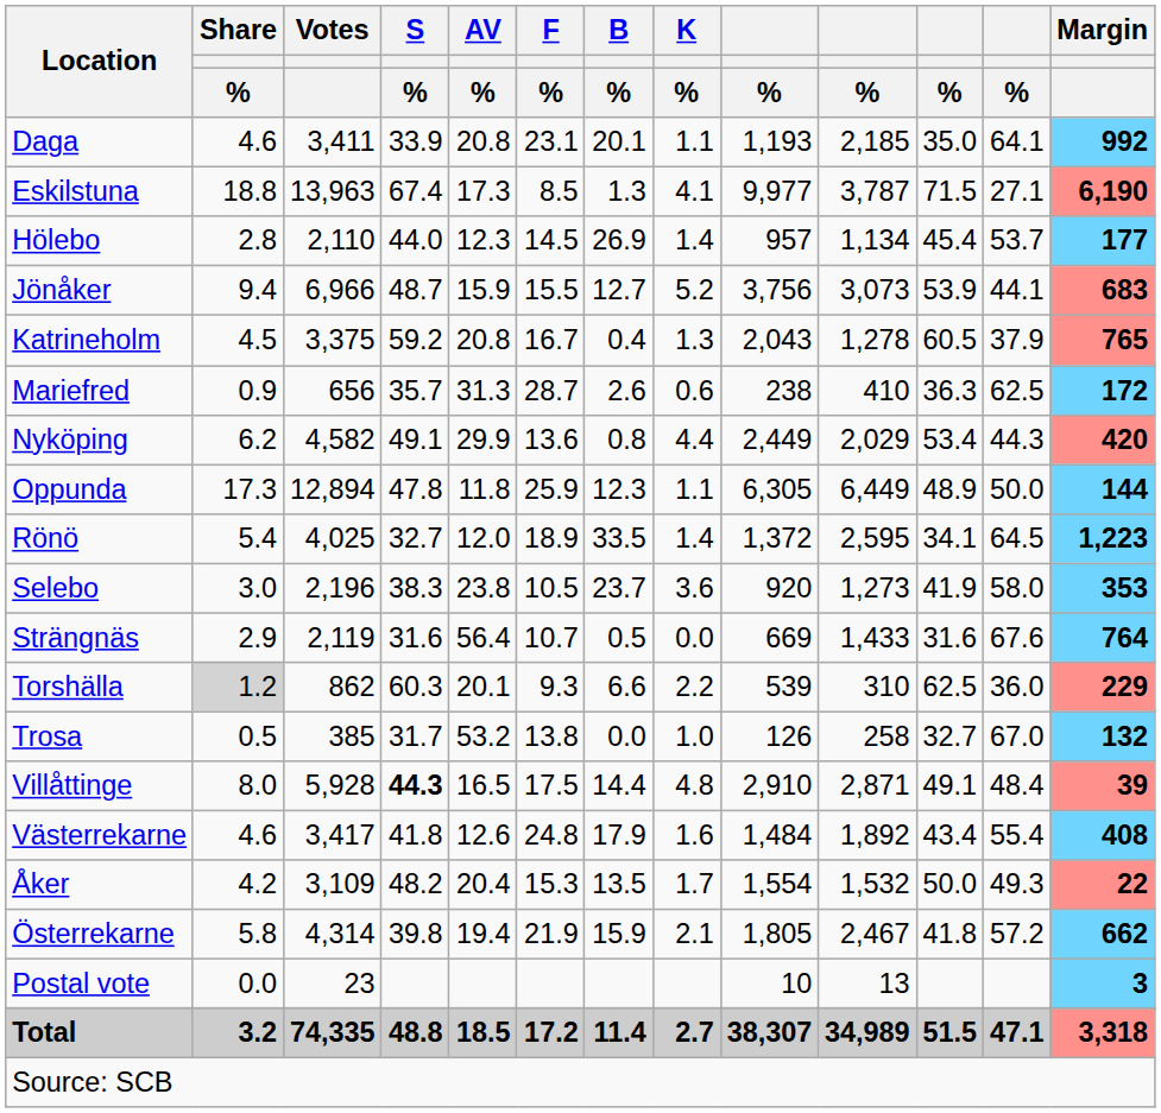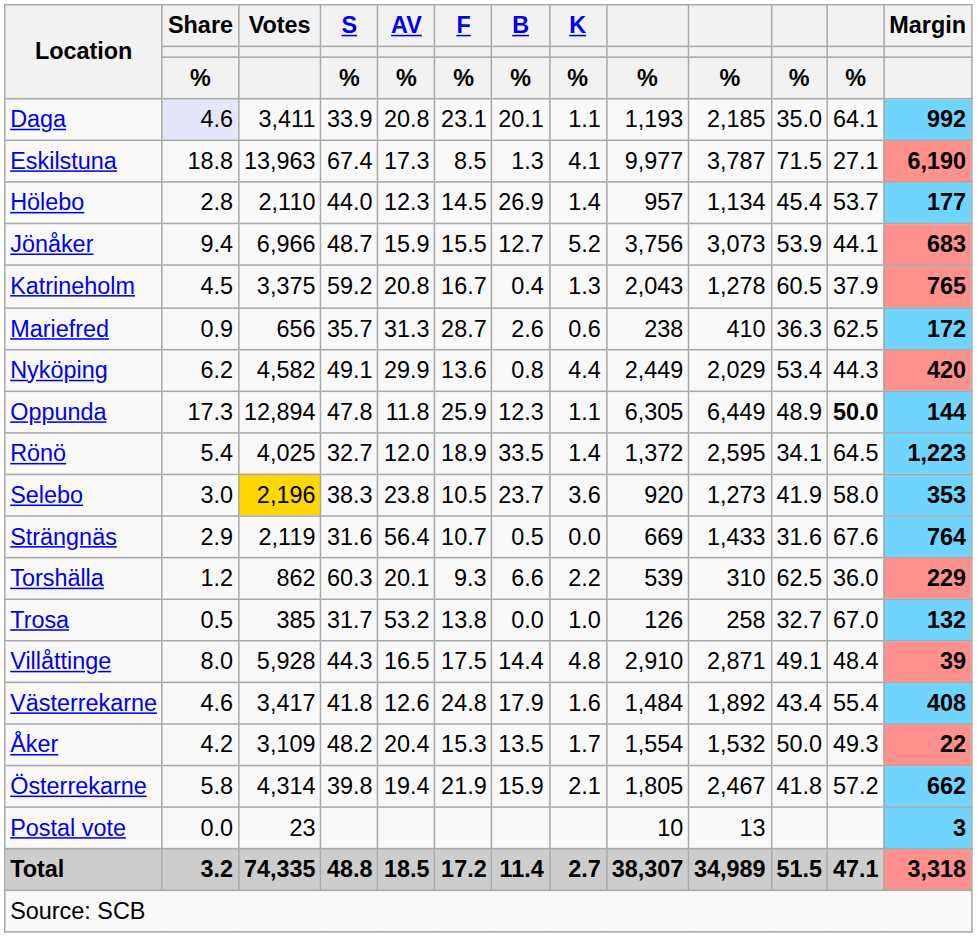 <table class="wikitable sortable" style="text-align:right; font-size:95%; line-height:20px;">
 <tr>
 <th rowspan="3">Location</th>
 <th>Share</th>
 <th>Votes</th>
 <th width="30px" class="unsortable"><a href='#'>S</a></th>
 <th width="30px" class="unsortable"><a href='#'>AV</a></th>
 <th width="30px" class="unsortable"><a href='#'>F</a></th>
 <th width="30px" class="unsortable"><a href='#'>B</a></th>
 <th width="30px" class="unsortable"><a href='#'>K</a></th>
 <th></th>
 <th></th>
 <th></th>
 <th></th>
 <th>Margin</th>
 </tr>
 <tr>
 <th></th>
 <th></th>
 <th style="background:"></th>
 <th style="background:"></th>
 <th style="background:"></th>
 <th style="background:"></th>
 <th style="background:"></th>
 <th style="background:"></th>
 <th style="background:"></th>
 <th style="background:"></th>
 <th style="background:"></th>
 <th></th>
 </tr>
 <tr>
 <th data-sort-type="number">%</th>
 <th></th>
 <th data-sort-type="number">%</th>
 <th data-sort-type="number">%</th>
 <th data-sort-type="number">%</th>
 <th data-sort-type="number">%</th>
 <th data-sort-type="number">%</th>
 <th data-sort-type="number">%</th>
 <th data-sort-type="number">%</th>
 <th data-sort-type="number">%</th>
 <th data-sort-type="number">%</th>
 <th></th>
 </tr>
 <tr>
 <td align=left><a href='#'>Daga</a></td>
-<td>4.6</td>
+<td style="background: lavender;">4.6</td>
 <td>3,411</td>
 <td>33.9</td>
 <td>20.8</td>
 <td>23.1</td>
 <td>20.1</td>
 <td>1.1</td>
 <td>1,193</td>
 <td>2,185</td>
 <td>35.0</td>
 <td>64.1</td>
 <td bgcolor=#6fd5fe><strong>992</strong></td>
 </tr>
 <tr>
 <td align=left><a href='#'>Eskilstuna</a></td>
 <td>18.8</td>
 <td>13,963</td>
 <td>67.4</td>
 <td>17.3</td>
 <td>8.5</td>
 <td>1.3</td>
 <td>4.1</td>
 <td>9,977</td>
 <td>3,787</td>
 <td>71.5</td>
 <td>27.1</td>
 <td bgcolor=#ff908c><strong>6,190</strong></td>
 </tr>
 <tr>
 <td align=left><a href='#'>Hölebo</a></td>
 <td>2.8</td>
 <td>2,110</td>
 <td>44.0</td>
 <td>12.3</td>
 <td>14.5</td>
 <td>26.9</td>
 <td>1.4</td>
 <td>957</td>
 <td>1,134</td>
 <td>45.4</td>
 <td>53.7</td>
 <td bgcolor=#6fd5fe><strong>177</strong></td>
 </tr>
 <tr>
 <td align=left><a href='#'>Jönåker</a></td>
 <td>9.4</td>
 <td>6,966</td>
 <td>48.7</td>
 <td>15.9</td>
 <td>15.5</td>
 <td>12.7</td>
 <td>5.2</td>
 <td>3,756</td>
 <td>3,073</td>
 <td>53.9</td>
 <td>44.1</td>
 <td bgcolor=#ff908c><strong>683</strong></td>
 </tr>
 <tr>
 <td align=left><a href='#'>Katrineholm</a></td>
 <td>4.5</td>
 <td>3,375</td>
 <td>59.2</td>
 <td>20.8</td>
 <td>16.7</td>
 <td>0.4</td>
 <td>1.3</td>
 <td>2,043</td>
 <td>1,278</td>
 <td>60.5</td>
 <td>37.9</td>
 <td bgcolor=#ff908c><strong>765</strong></td>
 </tr>
 <tr>
 <td align=left><a href='#'>Mariefred</a></td>
 <td>0.9</td>
 <td>656</td>
 <td>35.7</td>
 <td>31.3</td>
 <td>28.7</td>
 <td>2.6</td>
 <td>0.6</td>
 <td>238</td>
 <td>410</td>
 <td>36.3</td>
 <td>62.5</td>
 <td bgcolor=#6fd5fe><strong>172</strong></td>
 </tr>
 <tr>
 <td align=left><a href='#'>Nyköping</a></td>
 <td>6.2</td>
 <td>4,582</td>
 <td>49.1</td>
 <td>29.9</td>
 <td>13.6</td>
 <td>0.8</td>
 <td>4.4</td>
 <td>2,449</td>
 <td>2,029</td>
 <td>53.4</td>
 <td>44.3</td>
 <td bgcolor=#ff908c><strong>420</strong></td>
 </tr>
 <tr>
 <td align=left><a href='#'>Oppunda</a></td>
 <td>17.3</td>
 <td>12,894</td>
 <td>47.8</td>
 <td>11.8</td>
 <td>25.9</td>
 <td>12.3</td>
 <td>1.1</td>
 <td>6,305</td>
 <td>6,449</td>
 <td>48.9</td>
-<td>50.0</td>
+<td><strong>50.0</strong></td>
 <td bgcolor=#6fd5fe><strong>144</strong></td>
 </tr>
 <tr>
 <td align=left><a href='#'>Rönö</a></td>
 <td>5.4</td>
 <td>4,025</td>
 <td>32.7</td>
 <td>12.0</td>
 <td>18.9</td>
 <td>33.5</td>
 <td>1.4</td>
 <td>1,372</td>
 <td>2,595</td>
 <td>34.1</td>
 <td>64.5</td>
 <td bgcolor=#6fd5fe><strong>1,223</strong></td>
 </tr>
 <tr>
 <td align=left><a href='#'>Selebo</a></td>
 <td>3.0</td>
-<td>2,196</td>
+<td style="background: gold;">2,196</td>
 <td>38.3</td>
 <td>23.8</td>
 <td>10.5</td>
 <td>23.7</td>
 <td>3.6</td>
 <td>920</td>
 <td>1,273</td>
 <td>41.9</td>
 <td>58.0</td>
 <td bgcolor=#6fd5fe><strong>353</strong></td>
 </tr>
 <tr>
 <td align=left><a href='#'>Strängnäs</a></td>
 <td>2.9</td>
 <td>2,119</td>
 <td>31.6</td>
 <td>56.4</td>
 <td>10.7</td>
 <td>0.5</td>
 <td>0.0</td>
 <td>669</td>
 <td>1,433</td>
 <td>31.6</td>
 <td>67.6</td>
 <td bgcolor=#6fd5fe><strong>764</strong></td>
 </tr>
 <tr>
 <td align=left><a href='#'>Torshälla</a></td>
-<td style="background: lightgrey;">1.2</td>
+<td>1.2</td>
 <td>862</td>
 <td>60.3</td>
 <td>20.1</td>
 <td>9.3</td>
 <td>6.6</td>
 <td>2.2</td>
 <td>539</td>
 <td>310</td>
 <td>62.5</td>
 <td>36.0</td>
 <td bgcolor=#ff908c><strong>229</strong></td>
 </tr>
 <tr>
 <td align=left><a href='#'>Trosa</a></td>
 <td>0.5</td>
 <td>385</td>
 <td>31.7</td>
 <td>53.2</td>
 <td>13.8</td>
 <td>0.0</td>
 <td>1.0</td>
 <td>126</td>
 <td>258</td>
 <td>32.7</td>
 <td>67.0</td>
 <td bgcolor=#6fd5fe><strong>132</strong></td>
 </tr>
 <tr>
 <td align=left><a href='#'>Villåttinge</a></td>
 <td>8.0</td>
 <td>5,928</td>
-<td><strong>44.3</strong></td>
+<td>44.3</td>
 <td>16.5</td>
 <td>17.5</td>
 <td>14.4</td>
 <td>4.8</td>
 <td>2,910</td>
 <td>2,871</td>
 <td>49.1</td>
 <td>48.4</td>
 <td bgcolor=#ff908c><strong>39</strong></td>
 </tr>
 <tr>
 <td align=left><a href='#'>Västerrekarne</a></td>
 <td>4.6</td>
 <td>3,417</td>
 <td>41.8</td>
 <td>12.6</td>
 <td>24.8</td>
 <td>17.9</td>
 <td>1.6</td>
 <td>1,484</td>
 <td>1,892</td>
 <td>43.4</td>
 <td>55.4</td>
 <td bgcolor=#6fd5fe><strong>408</strong></td>
 </tr>
 <tr>
 <td align=left><a href='#'>Åker</a></td>
 <td>4.2</td>
 <td>3,109</td>
 <td>48.2</td>
 <td>20.4</td>
 <td>15.3</td>
 <td>13.5</td>
 <td>1.7</td>
 <td>1,554</td>
 <td>1,532</td>
 <td>50.0</td>
 <td>49.3</td>
 <td bgcolor=#ff908c><strong>22</strong></td>
 </tr>
 <tr>
 <td align=left><a href='#'>Österrekarne</a></td>
 <td>5.8</td>
 <td>4,314</td>
 <td>39.8</td>
 <td>19.4</td>
 <td>21.9</td>
 <td>15.9</td>
 <td>2.1</td>
 <td>1,805</td>
 <td>2,467</td>
 <td>41.8</td>
 <td>57.2</td>
 <td bgcolor=#6fd5fe><strong>662</strong></td>
 </tr>
 <tr>
 <td align=left><a href='#'>Postal vote</a></td>
 <td>0.0</td>
 <td>23</td>
 <td></td>
 <td></td>
 <td></td>
 <td></td>
 <td></td>
 <td>10</td>
 <td>13</td>
 <td></td>
 <td></td>
 <td bgcolor=#6fd5fe><strong>3</strong></td>
 </tr>
 <tr>
 </tr>
 <tr style="background:#CDCDCD;">
 <td align=left><strong>Total</strong></td>
 <td><strong>3.2</strong></td>
 <td><strong>74,335</strong></td>
 <td><strong>48.8</strong></td>
 <td><strong>18.5</strong></td>
 <td><strong>17.2</strong></td>
 <td><strong>11.4</strong></td>
 <td><strong>2.7</strong></td>
 <td><strong>38,307</strong></td>
 <td><strong>34,989</strong></td>
 <td><strong>51.5</strong></td>
 <td><strong>47.1</strong></td>
 <td bgcolor=#ff908c><strong>3,318</strong></td>
 </tr>
 <tr>
 <td align=left colspan=13>Source: SCB </td>
 </tr>
 </table>
